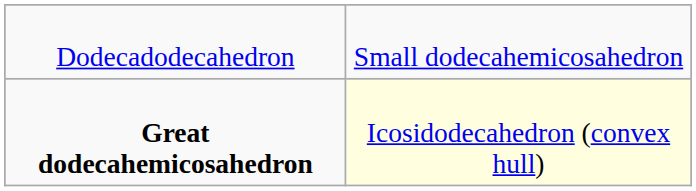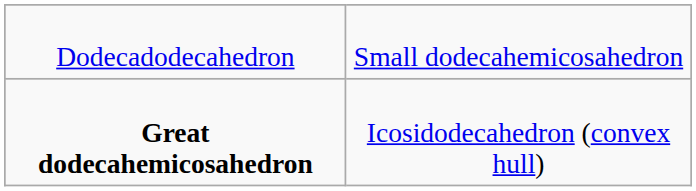 <table class="wikitable" width="400" style="vertical-align:top;text-align:center">
 <tr>
 <td align=center><br><a href='#'>Dodecadodecahedron</a></td>
 <td align=center><br><a href='#'>Small dodecahemicosahedron</a></td>
 </tr>
 <tr>
 <td align=center><br><strong>Great dodecahemicosahedron</strong></td>
-<td align=center style="background: lightyellow;"><br><a href='#'>Icosidodecahedron</a> (<a href='#'>convex hull</a>)</td>
+<td align=center><br><a href='#'>Icosidodecahedron</a> (<a href='#'>convex hull</a>)</td>
 </tr>
 </table>
